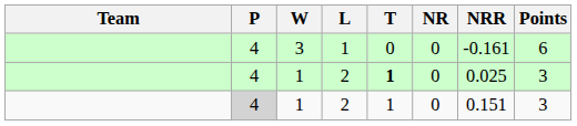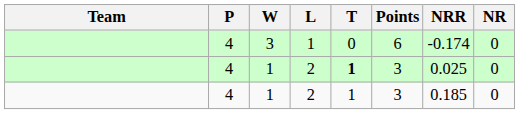 <table class="wikitable" style="text-align: center;">
 <tr>
 <th style="width:40%;">Team</th>
 <th style="width:8%;">P</th>
 <th style="width:8%;">W</th>
 <th style="width:8%;">L</th>
 <th style="width:8%;">T</th>
+<th style="width:10%;">Points</th>
+<th style="width:10%;">NRR</th>
 <th style="width:8%;">NR</th>
-<th style="width:10%;">NRR</th>
-<th style="width:10%;">Points</th>
 </tr>
 <tr style="background:#cfc;">
 <td align=left></td>
 <td>4</td>
 <td>3</td>
 <td>1</td>
 <td>0</td>
+<td>6</td>
+<td>-0.174</td>
 <td>0</td>
-<td>-0.161</td>
-<td>6</td>
 </tr>
 <tr style="background:#cfc;">
 <td align=left></td>
 <td>4</td>
 <td>1</td>
 <td>2</td>
 <td><strong>1</strong></td>
+<td>3</td>
+<td>0.025</td>
 <td>0</td>
-<td>0.025</td>
-<td>3</td>
 </tr>
 <tr>
 <td align=left></td>
-<td style="background: lightgrey;">4</td>
+<td>4</td>
 <td>1</td>
 <td>2</td>
 <td>1</td>
+<td>3</td>
+<td>0.185</td>
 <td>0</td>
-<td>0.151</td>
-<td>3</td>
 </tr>
 </table>
